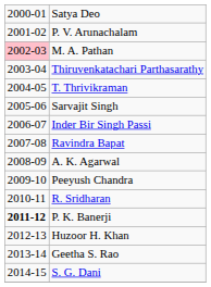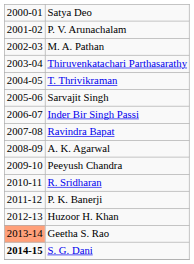 <table class="wikitable">
 <tr>
 <td>2000-01</td>
 <td>Satya Deo</td>
 </tr>
 <tr>
 <td>2001-02</td>
 <td>P. V. Arunachalam</td>
 </tr>
 <tr>
-<td style="background: pink;">2002-03</td>
+<td>2002-03</td>
 <td>M. A. Pathan</td>
 </tr>
 <tr>
 <td>2003-04</td>
 <td><a href='#'>Thiruvenkatachari Parthasarathy</a></td>
 </tr>
 <tr>
 <td>2004-05</td>
 <td><a href='#'>T. Thrivikraman</a></td>
 </tr>
 <tr>
 <td>2005-06</td>
 <td>Sarvajit Singh</td>
 </tr>
 <tr>
 <td>2006-07</td>
 <td><a href='#'>Inder Bir Singh Passi</a></td>
 </tr>
 <tr>
 <td>2007-08</td>
 <td><a href='#'>Ravindra Bapat</a></td>
 </tr>
 <tr>
 <td>2008-09</td>
 <td>A. K. Agarwal</td>
 </tr>
 <tr>
 <td>2009-10</td>
 <td>Peeyush Chandra</td>
 </tr>
 <tr>
 <td>2010-11</td>
 <td><a href='#'>R. Sridharan</a></td>
 </tr>
 <tr>
-<td><strong>2011-12</strong></td>
+<td>2011-12</td>
 <td>P. K. Banerji</td>
 </tr>
 <tr>
 <td>2012-13</td>
 <td>Huzoor H. Khan</td>
 </tr>
 <tr>
-<td>2013-14</td>
+<td style="background: lightsalmon;">2013-14</td>
 <td>Geetha S. Rao</td>
 </tr>
 <tr>
-<td>2014-15</td>
+<td><strong>2014-15</strong></td>
 <td><a href='#'>S. G. Dani</a></td>
 </tr>
 <tr>
 </tr>
 </table>
